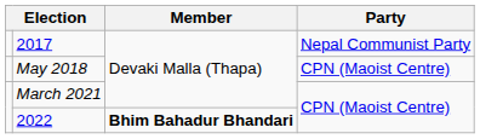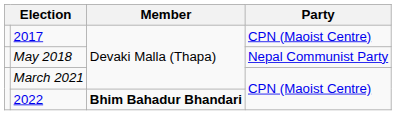 <table class="wikitable">
 <tr>
 <th colspan="2">Election</th>
 <th>Member</th>
 <th>Party</th>
 </tr>
 <tr>
 <td style="color:inherit;background-color:"></td>
 <td><a href='#'>2017</a></td>
 <td rowspan="3">Devaki Malla  (Thapa)</td>
-<td><a href='#'>Nepal Communist Party</a></td>
+<td><a href='#'>CPN (Maoist Centre)</a></td>
 </tr>
 <tr>
 <td style="color:inherit;background:"></td>
 <td><em>May 2018</em></td>
-<td><a href='#'>CPN (Maoist Centre)</a></td>
+<td><a href='#'>Nepal Communist Party</a></td>
 </tr>
 <tr>
 <td rowspan="2" style="color:inherit;background-color:"></td>
 <td><em>March 2021</em></td>
 <td rowspan="2"><a href='#'>CPN (Maoist Centre)</a></td>
 </tr>
 <tr>
 <td><a href='#'>2022</a></td>
 <td><strong>Bhim Bahadur Bhandari</strong></td>
 </tr>
 </table>
